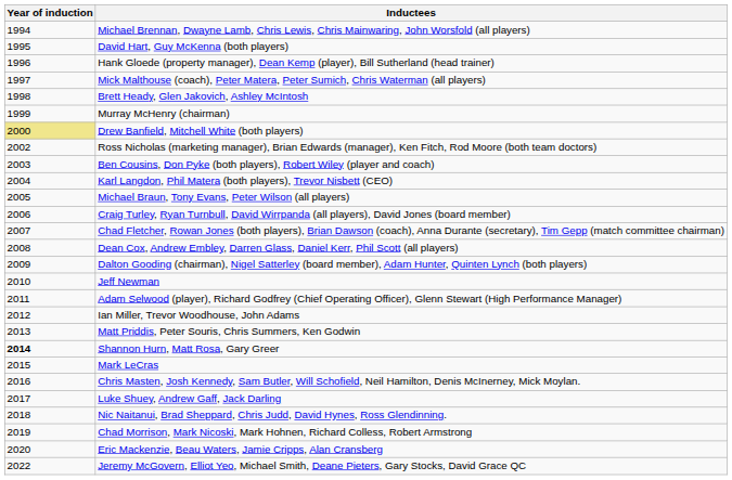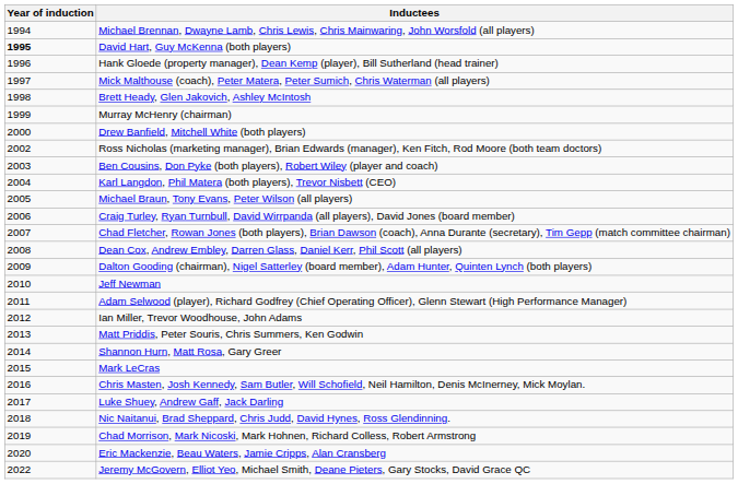 <table class="wikitable">
 <tr>
 <th>Year of induction</th>
 <th>Inductees</th>
 </tr>
 <tr>
 <td>1994</td>
 <td><a href='#'>Michael Brennan</a>, <a href='#'>Dwayne Lamb</a>, <a href='#'>Chris Lewis</a>, <a href='#'>Chris Mainwaring</a>, <a href='#'>John Worsfold</a> (all players)</td>
 </tr>
 <tr>
-<td>1995</td>
+<td><strong>1995</strong></td>
 <td><a href='#'>David Hart</a>, <a href='#'>Guy McKenna</a> (both players)</td>
 </tr>
 <tr>
 <td>1996</td>
 <td>Hank Gloede (property manager), <a href='#'>Dean Kemp</a> (player), Bill Sutherland (head trainer)</td>
 </tr>
 <tr>
 <td>1997</td>
 <td><a href='#'>Mick Malthouse</a> (coach), <a href='#'>Peter Matera</a>, <a href='#'>Peter Sumich</a>, <a href='#'>Chris Waterman</a> (all players)</td>
 </tr>
 <tr>
 <td>1998</td>
 <td><a href='#'>Brett Heady</a>, <a href='#'>Glen Jakovich</a>, <a href='#'>Ashley McIntosh</a></td>
 </tr>
 <tr>
 <td>1999</td>
 <td>Murray McHenry (chairman)</td>
 </tr>
 <tr>
-<td style="background: khaki;">2000</td>
+<td>2000</td>
 <td><a href='#'>Drew Banfield</a>, <a href='#'>Mitchell White</a> (both players)</td>
 </tr>
 <tr>
 <td>2002</td>
 <td>Ross Nicholas (marketing manager), Brian Edwards (manager), Ken Fitch, Rod Moore (both team doctors)</td>
 </tr>
 <tr>
 <td>2003</td>
 <td><a href='#'>Ben Cousins</a>, <a href='#'>Don Pyke</a> (both players), <a href='#'>Robert Wiley</a> (player and coach)</td>
 </tr>
 <tr>
 <td>2004</td>
 <td><a href='#'>Karl Langdon</a>, <a href='#'>Phil Matera</a> (both players), <a href='#'>Trevor Nisbett</a> (CEO)</td>
 </tr>
 <tr>
 <td>2005</td>
 <td><a href='#'>Michael Braun</a>, <a href='#'>Tony Evans</a>, <a href='#'>Peter Wilson</a> (all players)</td>
 </tr>
 <tr>
 <td>2006</td>
 <td><a href='#'>Craig Turley</a>, <a href='#'>Ryan Turnbull</a>, <a href='#'>David Wirrpanda</a> (all players), David Jones (board member)</td>
 </tr>
 <tr>
 <td>2007</td>
 <td><a href='#'>Chad Fletcher</a>, <a href='#'>Rowan Jones</a> (both players), <a href='#'>Brian Dawson</a> (coach), Anna Durante (secretary), <a href='#'>Tim Gepp</a> (match committee chairman)</td>
 </tr>
 <tr>
 <td>2008</td>
 <td><a href='#'>Dean Cox</a>, <a href='#'>Andrew Embley</a>, <a href='#'>Darren Glass</a>, <a href='#'>Daniel Kerr</a>, <a href='#'>Phil Scott</a> (all players)</td>
 </tr>
 <tr>
 <td>2009</td>
 <td><a href='#'>Dalton Gooding</a> (chairman), <a href='#'>Nigel Satterley</a> (board member), <a href='#'>Adam Hunter</a>, <a href='#'>Quinten Lynch</a> (both players)</td>
 </tr>
 <tr>
 <td>2010</td>
 <td><a href='#'>Jeff Newman</a></td>
 </tr>
 <tr>
 <td>2011</td>
 <td><a href='#'>Adam Selwood</a> (player), Richard Godfrey (Chief Operating Officer), Glenn Stewart (High Performance Manager)</td>
 </tr>
 <tr>
 <td>2012</td>
 <td>Ian Miller, Trevor Woodhouse, John Adams</td>
 </tr>
 <tr>
 <td>2013</td>
 <td><a href='#'>Matt Priddis</a>, Peter Souris, Chris Summers, Ken Godwin</td>
 </tr>
 <tr>
-<td><strong>2014</strong></td>
+<td>2014</td>
 <td><a href='#'>Shannon Hurn</a>, <a href='#'>Matt Rosa</a>, Gary Greer</td>
 </tr>
 <tr>
 <td>2015</td>
 <td><a href='#'>Mark LeCras</a></td>
 </tr>
 <tr>
 <td>2016</td>
 <td><a href='#'>Chris Masten</a>, <a href='#'>Josh Kennedy</a>, <a href='#'>Sam Butler</a>, <a href='#'>Will Schofield</a>, Neil Hamilton, Denis McInerney, Mick Moylan.</td>
 </tr>
 <tr>
 <td>2017</td>
 <td><a href='#'>Luke Shuey</a>, <a href='#'>Andrew Gaff</a>, <a href='#'>Jack Darling</a></td>
 </tr>
 <tr>
 <td>2018</td>
 <td><a href='#'>Nic Naitanui</a>, <a href='#'>Brad Sheppard</a>, <a href='#'>Chris Judd</a>, <a href='#'>David Hynes</a>, <a href='#'>Ross Glendinning</a>.</td>
 </tr>
 <tr>
 <td>2019</td>
 <td><a href='#'>Chad Morrison</a>, <a href='#'>Mark Nicoski</a>, Mark Hohnen, Richard Colless, Robert Armstrong</td>
 </tr>
 <tr>
 <td>2020</td>
 <td><a href='#'>Eric Mackenzie</a>, <a href='#'>Beau Waters</a>, <a href='#'>Jamie Cripps</a>, <a href='#'>Alan Cransberg</a></td>
 </tr>
 <tr>
 <td>2022</td>
 <td><a href='#'>Jeremy McGovern</a>, <a href='#'>Elliot Yeo</a>, Michael Smith, <a href='#'>Deane Pieters</a>, Gary Stocks, David Grace QC</td>
 </tr>
 </table>
